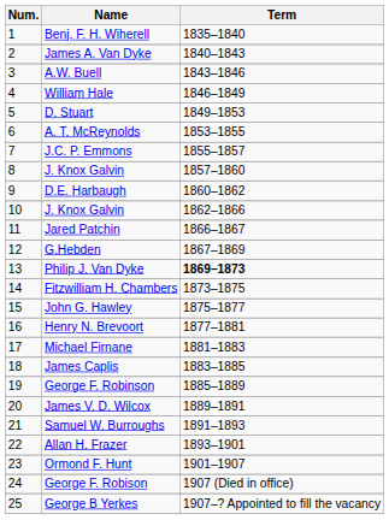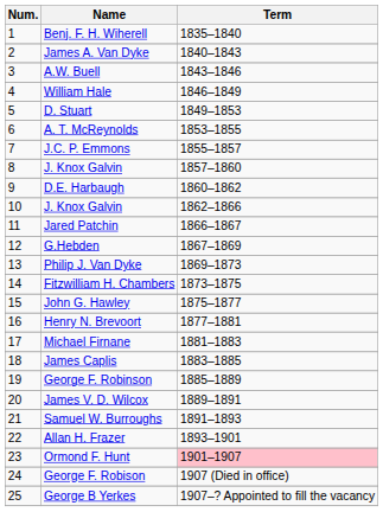 <table class="wikitable">
 <tr>
 <th>Num.</th>
 <th>Name</th>
 <th>Term</th>
 </tr>
 <tr>
 <td>1</td>
 <td><a href='#'>Benj. F. H. Wiherell</a></td>
 <td>1835–1840</td>
 </tr>
 <tr>
 </tr>
 <tr>
 <td>2</td>
 <td><a href='#'>James A. Van Dyke</a></td>
 <td>1840–1843</td>
 </tr>
 <tr>
 </tr>
 <tr>
 <td>3</td>
 <td><a href='#'>A.W. Buell</a></td>
 <td>1843–1846</td>
 </tr>
 <tr>
 </tr>
 <tr>
 <td>4</td>
 <td><a href='#'>William Hale</a></td>
 <td>1846–1849</td>
 </tr>
 <tr>
 </tr>
 <tr>
 <td>5</td>
 <td><a href='#'>D. Stuart</a></td>
 <td>1849–1853</td>
 </tr>
 <tr>
 </tr>
 <tr>
 <td>6</td>
 <td><a href='#'>A. T. McReynolds</a></td>
 <td>1853–1855</td>
 </tr>
 <tr>
 </tr>
 <tr>
 <td>7</td>
 <td><a href='#'>J.C. P. Emmons</a></td>
 <td>1855–1857</td>
 </tr>
 <tr>
 </tr>
 <tr>
 <td>8</td>
 <td><a href='#'>J. Knox Galvin</a></td>
 <td>1857–1860</td>
 </tr>
 <tr>
 </tr>
 <tr>
 <td>9</td>
 <td><a href='#'>D.E. Harbaugh</a></td>
 <td>1860–1862</td>
 </tr>
 <tr>
 </tr>
 <tr>
 <td>10</td>
 <td><a href='#'>J. Knox Galvin</a></td>
 <td>1862–1866</td>
 </tr>
 <tr>
 </tr>
 <tr>
 <td>11</td>
 <td><a href='#'>Jared Patchin</a></td>
 <td>1866–1867</td>
 </tr>
 <tr>
 </tr>
 <tr>
 <td>12</td>
 <td><a href='#'>G.Hebden</a></td>
 <td>1867–1869</td>
 </tr>
 <tr>
 </tr>
 <tr>
 <td>13</td>
 <td><a href='#'>Philip J. Van Dyke</a></td>
-<td><strong>1869–1873</strong></td>
+<td>1869–1873</td>
 </tr>
 <tr>
 </tr>
 <tr>
 <td>14</td>
 <td><a href='#'>Fitzwilliam H. Chambers</a></td>
 <td>1873–1875</td>
 </tr>
 <tr>
 </tr>
 <tr>
 <td>15</td>
 <td><a href='#'>John G. Hawley</a></td>
 <td>1875–1877</td>
 </tr>
 <tr>
 </tr>
 <tr>
 <td>16</td>
 <td><a href='#'>Henry N. Brevoort</a></td>
 <td>1877–1881</td>
 </tr>
 <tr>
 </tr>
 <tr>
 <td>17</td>
 <td><a href='#'>Michael Firnane</a></td>
 <td>1881–1883</td>
 </tr>
 <tr>
 </tr>
 <tr>
 <td>18</td>
 <td><a href='#'>James Caplis</a></td>
 <td>1883–1885</td>
 </tr>
 <tr>
 </tr>
 <tr>
 <td>19</td>
 <td><a href='#'>George F. Robinson</a></td>
 <td>1885–1889</td>
 </tr>
 <tr>
 </tr>
 <tr>
 <td>20</td>
 <td><a href='#'>James V. D. Wilcox</a></td>
 <td>1889–1891</td>
 </tr>
 <tr>
 </tr>
 <tr>
 <td>21</td>
 <td><a href='#'>Samuel W. Burroughs</a></td>
 <td>1891–1893</td>
 </tr>
 <tr>
 </tr>
 <tr>
 <td>22</td>
 <td><a href='#'>Allan H. Frazer</a></td>
 <td>1893–1901</td>
 </tr>
 <tr>
 </tr>
 <tr>
 <td>23</td>
 <td><a href='#'>Ormond F. Hunt</a></td>
-<td>1901–1907</td>
+<td style="background: pink;">1901–1907</td>
 </tr>
 <tr>
 </tr>
 <tr>
 <td>24</td>
 <td><a href='#'>George F. Robison</a></td>
 <td>1907 (Died in office)</td>
 </tr>
 <tr>
 </tr>
 <tr>
 <td>25</td>
 <td><a href='#'>George B Yerkes</a></td>
 <td>1907–? Appointed to fill the vacancy</td>
 </tr>
 <tr>
 </tr>
 </table>
